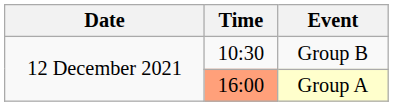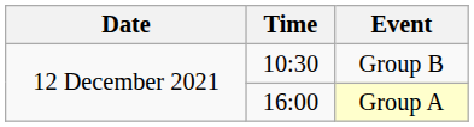 <table class = "wikitable" style="text-align:center;">
 <tr>
 <th width=150>Date</th>
 <th width=50>Time</th>
 <th width=80>Event</th>
 </tr>
 <tr>
 <td rowspan=2>12 December 2021</td>
 <td>10:30</td>
 <td>Group B</td>
 </tr>
 <tr>
-<td style="background: lightsalmon;">16:00</td>
+<td>16:00</td>
 <td bgcolor=ffffcc>Group A</td>
 </tr>
 </table>
